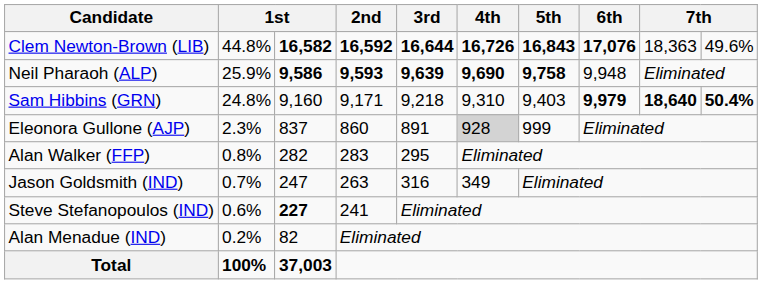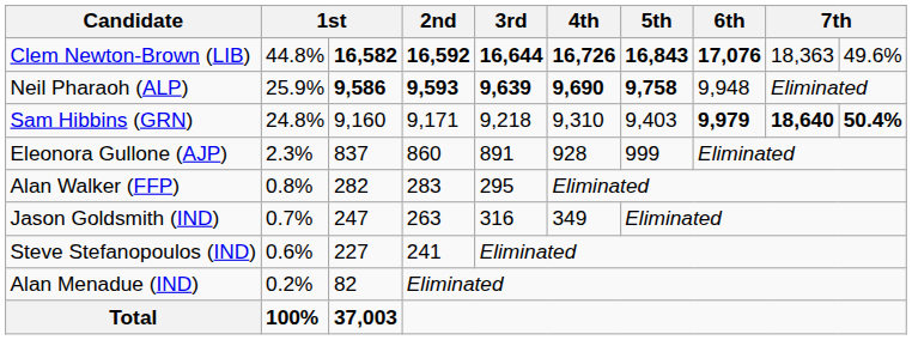 <table class="wikitable sortable">
 <tr>
 <th>Candidate</th>
 <th colspan="2">1st</th>
 <th>2nd</th>
 <th>3rd</th>
 <th>4th</th>
 <th>5th</th>
 <th>6th</th>
 <th colspan="2">7th</th>
 </tr>
 <tr>
 <td><a href='#'>Clem Newton-Brown</a> (<a href='#'>LIB</a>)</td>
 <td>44.8%</td>
 <td><strong>16,582</strong></td>
 <td><strong>16,592</strong></td>
 <td><strong>16,644</strong></td>
 <td><strong>16,726</strong></td>
 <td><strong>16,843</strong></td>
 <td><strong>17,076</strong></td>
 <td>18,363</td>
 <td>49.6%</td>
 </tr>
 <tr>
 <td>Neil Pharaoh (<a href='#'>ALP</a>)</td>
 <td>25.9%</td>
 <td><strong>9,586</strong></td>
 <td><strong>9,593</strong></td>
 <td><strong>9,639</strong></td>
 <td><strong>9,690</strong></td>
 <td><strong>9,758</strong></td>
 <td>9,948</td>
 <td colspan="2"><em>Eliminated</em></td>
 </tr>
 <tr>
 <td><a href='#'>Sam Hibbins</a> (<a href='#'>GRN</a>)</td>
 <td>24.8%</td>
 <td>9,160</td>
 <td>9,171</td>
 <td>9,218</td>
 <td>9,310</td>
 <td>9,403</td>
 <td><strong>9,979</strong></td>
 <td><strong>18,640</strong></td>
 <td><strong>50.4%</strong></td>
 </tr>
 <tr>
 <td>Eleonora Gullone (<a href='#'>AJP</a>)</td>
 <td>2.3%</td>
 <td>837</td>
 <td>860</td>
 <td>891</td>
-<td style="background: lightgrey;">928</td>
+<td>928</td>
 <td>999</td>
 <td colspan="3"><em>Eliminated</em></td>
 </tr>
 <tr>
 <td>Alan Walker (<a href='#'>FFP</a>)</td>
 <td>0.8%</td>
 <td>282</td>
 <td>283</td>
 <td>295</td>
 <td colspan="5"><em>Eliminated</em></td>
 </tr>
 <tr>
 <td>Jason Goldsmith (<a href='#'>IND</a>)</td>
 <td>0.7%</td>
 <td>247</td>
 <td>263</td>
 <td>316</td>
 <td>349</td>
 <td colspan="4"><em>Eliminated</em></td>
 </tr>
 <tr>
 <td>Steve Stefanopoulos (<a href='#'>IND</a>)</td>
 <td>0.6%</td>
-<td><strong>227</strong></td>
+<td>227</td>
 <td>241</td>
 <td colspan="6"><em>Eliminated</em></td>
 </tr>
 <tr>
 <td>Alan Menadue (<a href='#'>IND</a>)</td>
 <td>0.2%</td>
 <td>82</td>
 <td colspan="7"><em>Eliminated</em></td>
 </tr>
 <tr>
 <th>Total</th>
 <td><strong>100%</strong></td>
 <td><strong>37,003</strong></td>
 </tr>
 </table>
